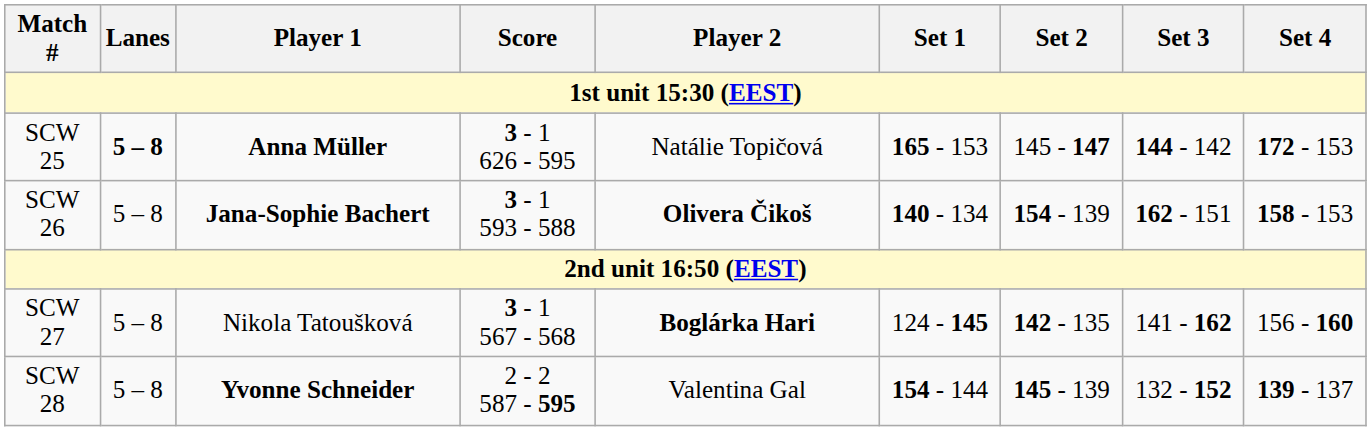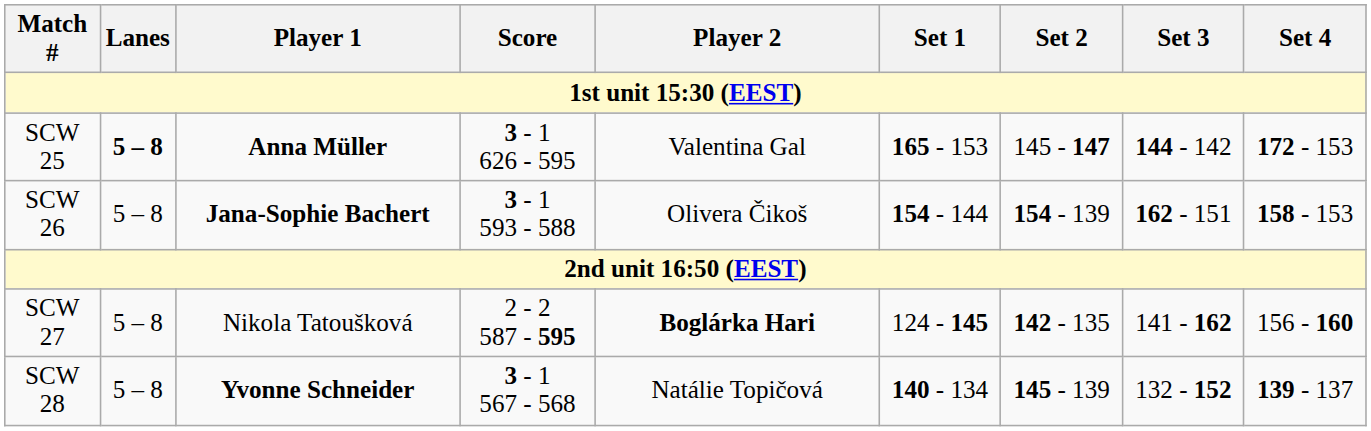 <table class="wikitable">
 <tr>
 <th width="7%">Match #</th>
 <th width="5%">Lanes</th>
 <th width="21%">Player 1</th>
 <th width="10%">Score</th>
 <th width="21%">Player 2</th>
 <th width="9%">Set 1</th>
 <th width="9%">Set 2</th>
 <th width="9%">Set 3</th>
 <th width="9%">Set 4</th>
 </tr>
 <tr>
 <td colspan="9" style="text-align:center; background-color:#FFFACD"><strong>1st unit 15:30 (<a href='#'>EEST</a>)</strong></td>
 </tr>
 <tr style=text-align:center;"background:#;">
 <td>SCW 25</td>
 <td><strong>5 – 8</strong></td>
 <td> <strong>Anna Müller</strong></td>
 <td><strong>3</strong> - 1 <br> 626 - 595</td>
-<td> Natálie Topičová</td>
+<td> Valentina Gal</td>
 <td><strong>165</strong> - 153</td>
 <td>145 - <strong>147</strong></td>
 <td><strong>144</strong> - 142</td>
 <td><strong>172</strong> - 153</td>
 </tr>
 <tr style=text-align:center;"background:#;">
 <td>SCW 26</td>
 <td>5 – 8</td>
 <td> <strong>Jana-Sophie Bachert</strong></td>
 <td><strong>3</strong> - 1 <br> 593 - 588</td>
-<td><strong> Olivera Čikoš</strong></td>
-<td><strong>140</strong> - 134</td>
+<td> Olivera Čikoš</td>
+<td><strong>154</strong> - 144</td>
 <td><strong>154</strong> - 139</td>
 <td><strong>162</strong> - 151</td>
 <td><strong>158</strong> - 153</td>
 </tr>
 <tr>
 <td colspan="9" style="text-align:center; background-color:#FFFACD"><strong>2nd unit 16:50 (<a href='#'>EEST</a>)</strong></td>
 </tr>
 <tr style=text-align:center;"background:#;">
 <td>SCW 27</td>
 <td>5 – 8</td>
 <td> Nikola Tatoušková</td>
-<td><strong>3</strong> - 1 <br> 567 - 568</td>
+<td>2 - 2 <br> 587 - <strong>595</strong></td>
 <td> <strong>Boglárka Hari</strong></td>
 <td>124 - <strong>145</strong></td>
 <td><strong>142</strong> - 135</td>
 <td>141 - <strong>162</strong></td>
 <td>156 - <strong>160</strong></td>
 </tr>
 <tr style=text-align:center;"background:#;">
 <td>SCW 28</td>
 <td>5 – 8</td>
 <td> <strong>Yvonne Schneider</strong></td>
-<td>2 - 2 <br> 587 - <strong>595</strong></td>
-<td> Valentina Gal</td>
-<td><strong>154</strong> - 144</td>
+<td><strong>3</strong> - 1 <br> 567 - 568</td>
+<td> Natálie Topičová</td>
+<td><strong>140</strong> - 134</td>
 <td><strong>145</strong> - 139</td>
 <td>132 - <strong>152</strong></td>
 <td><strong>139</strong> - 137</td>
 </tr>
 </table>
